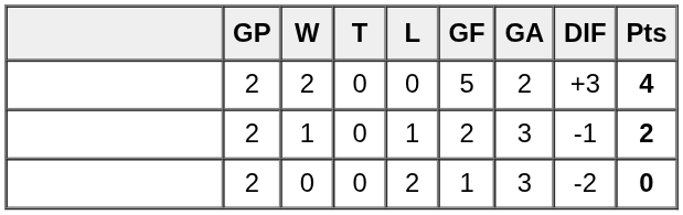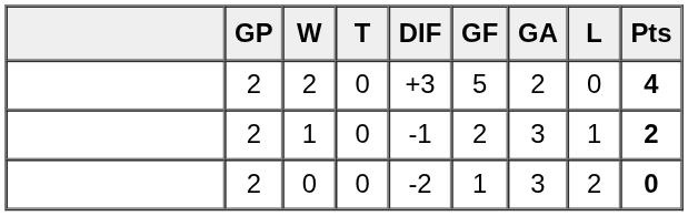 <table border=1 cellpadding=5 cellspacing=0>
 <tr>
 <th bgcolor="#efefef" width="120">　</th>
 <th bgcolor="#efefef" width="20">GP</th>
 <th bgcolor="#efefef" width="20">W</th>
 <th bgcolor="#efefef" width="20">T</th>
-<th bgcolor="#efefef" width="20">L</th>
+<th bgcolor="#efefef" width="20">DIF</th>
 <th bgcolor="#efefef" width="20">GF</th>
 <th bgcolor="#efefef" width="20">GA</th>
-<th bgcolor="#efefef" width="20">DIF</th>
+<th bgcolor="#efefef" width="20">L</th>
 <th bgcolor="#efefef" width="20">Pts</th>
 </tr>
 <tr align=center>
 <td align=left><strong></strong></td>
 <td>2</td>
 <td>2</td>
 <td>0</td>
-<td>0</td>
+<td>+3</td>
 <td>5</td>
 <td>2</td>
-<td>+3</td>
+<td>0</td>
 <td><strong>4</strong></td>
 </tr>
 <tr align=center>
 <td align=left><strong><em></em></strong></td>
 <td>2</td>
 <td>1</td>
 <td>0</td>
-<td>1</td>
+<td>-1</td>
 <td>2</td>
 <td>3</td>
-<td>-1</td>
+<td>1</td>
 <td><strong>2</strong></td>
 </tr>
 <tr align=center>
 <td align=left></td>
 <td>2</td>
 <td>0</td>
 <td>0</td>
-<td>2</td>
+<td>-2</td>
 <td>1</td>
 <td>3</td>
-<td>-2</td>
+<td>2</td>
 <td><strong>0</strong></td>
 </tr>
 </table>
